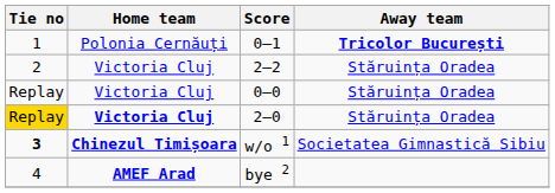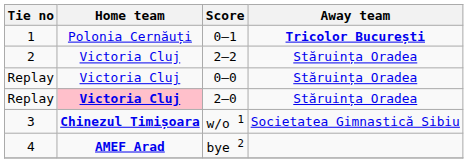 <table class="wikitable" style="text-align: center">
 <tr>
 <th>Tie no</th>
 <th>Home team</th>
 <th>Score</th>
 <th>Away team</th>
 </tr>
 <tr>
 <td>1</td>
 <td><a href='#'>Polonia Cernăuți</a></td>
 <td>0–1</td>
 <td><strong><a href='#'>Tricolor București</a></strong></td>
 </tr>
 <tr>
 <td>2</td>
 <td><a href='#'>Victoria Cluj</a></td>
 <td>2–2</td>
 <td><a href='#'>Stăruința Oradea</a></td>
 </tr>
 <tr>
 <td>Replay</td>
 <td><a href='#'>Victoria Cluj</a></td>
 <td>0–0</td>
 <td><a href='#'>Stăruința Oradea</a></td>
 </tr>
 <tr>
-<td style="background: gold;">Replay</td>
-<td><strong><a href='#'>Victoria Cluj</a></strong></td>
+<td>Replay</td>
+<td style="background: pink;"><strong><a href='#'>Victoria Cluj</a></strong></td>
 <td>2–0</td>
 <td><a href='#'>Stăruința Oradea</a></td>
 </tr>
 <tr>
-<td><strong>3</strong></td>
+<td>3</td>
 <td><strong><a href='#'>Chinezul Timișoara</a></strong></td>
 <td>w/o <sup>1</sup></td>
 <td><a href='#'>Societatea Gimnastică Sibiu</a></td>
 </tr>
 <tr>
 <td>4</td>
 <td><strong><a href='#'>AMEF Arad</a></strong></td>
 <td>bye <sup>2</sup></td>
 <td></td>
 </tr>
 <tr>
 </tr>
 </table>
